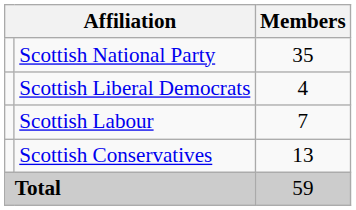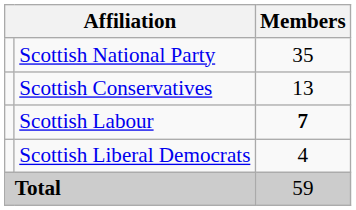 <table class="wikitable">
 <tr>
 <th colspan="2">Affiliation</th>
 <th>Members</th>
 </tr>
 <tr>
 <td style="color:inherit;background:"></td>
 <td><a href='#'>Scottish National Party</a></td>
 <td style="text-align:center;">35</td>
 </tr>
 <tr>
 <td style="color:inherit;background:"></td>
-<td><a href='#'>Scottish Liberal Democrats</a></td>
-<td style="text-align:center;">4</td>
+<td><a href='#'>Scottish Conservatives</a></td>
+<td style="text-align:center;">13</td>
 </tr>
 <tr>
 <td style="color:inherit;background:"></td>
 <td><a href='#'>Scottish Labour</a></td>
-<td style="text-align:center;">7</td>
+<td style="text-align:center;"><strong>7</strong></td>
 </tr>
 <tr>
 <td style="color:inherit;background:"></td>
-<td><a href='#'>Scottish Conservatives</a></td>
-<td style="text-align:center;">13</td>
+<td><a href='#'>Scottish Liberal Democrats</a></td>
+<td style="text-align:center;">4</td>
 </tr>
 <tr bgcolor="CCCCCC">
 <td colspan="2" rowspan="1"> <strong>Total</strong></td>
 <td style="text-align:center;">59</td>
 </tr>
 </table>
